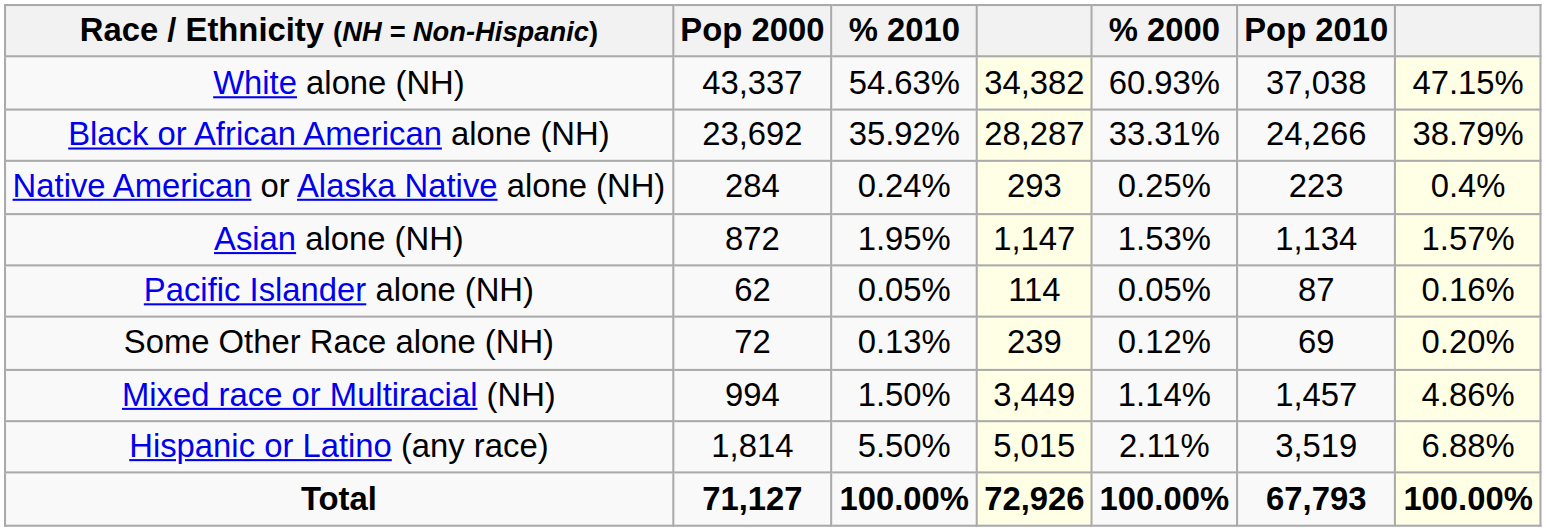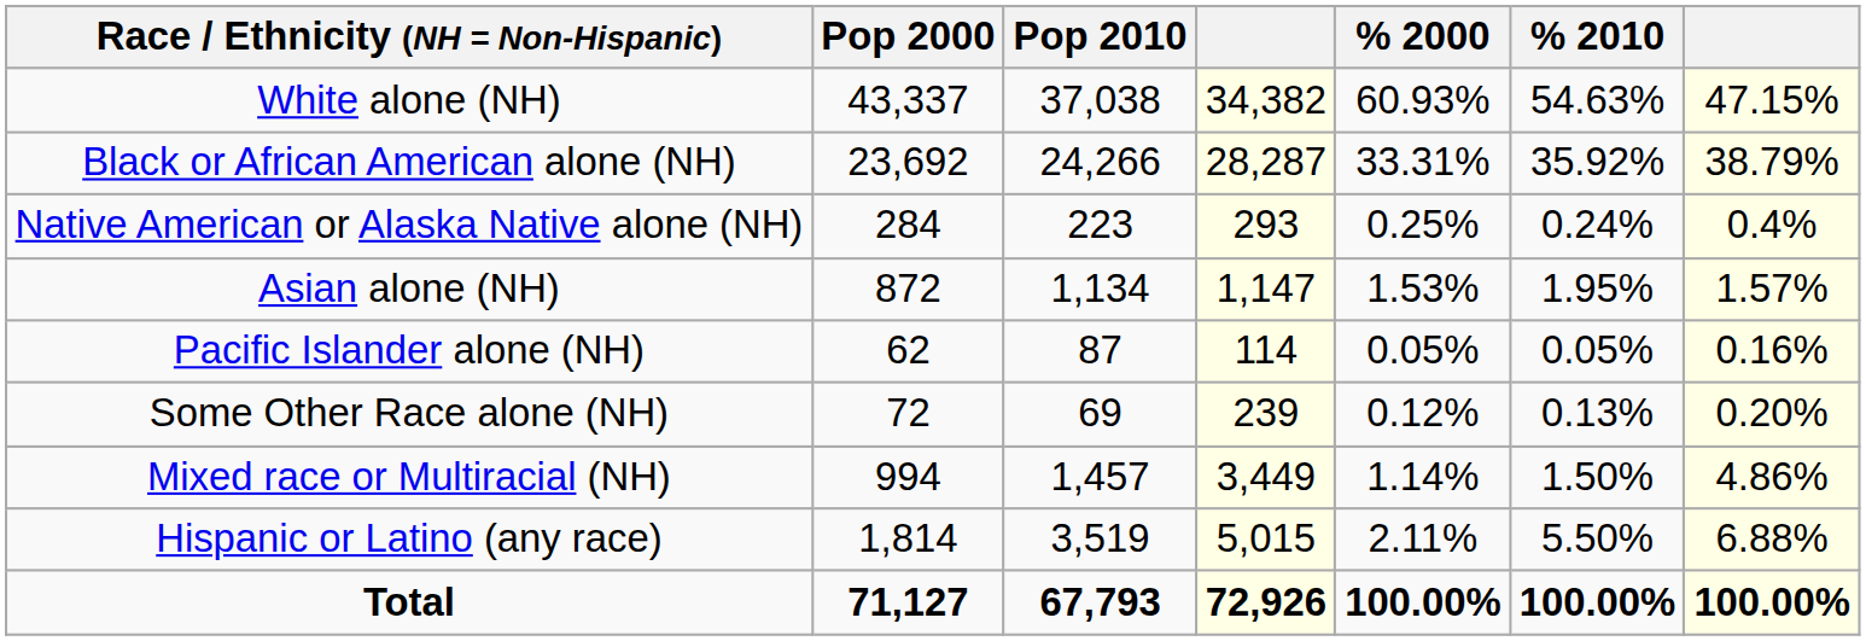 <table class="wikitable" style="text-align:center;">
 <tr>
 <th>Race / Ethnicity <small>(<em>NH = Non-Hispanic</em>)</small></th>
 <th>Pop 2000</th>
-<th>% 2010</th>
+<th>Pop 2010</th>
 <th></th>
 <th>% 2000</th>
-<th>Pop 2010</th>
+<th>% 2010</th>
 <th></th>
 </tr>
 <tr>
 <td><a href='#'>White</a> alone (NH)</td>
 <td>43,337</td>
-<td>54.63%</td>
+<td>37,038</td>
 <td style='background: #ffffe6;'>34,382</td>
 <td>60.93%</td>
-<td>37,038</td>
+<td>54.63%</td>
 <td style='background: #ffffe6;'>47.15%</td>
 </tr>
 <tr>
 <td><a href='#'>Black or African American</a> alone (NH)</td>
 <td>23,692</td>
-<td>35.92%</td>
+<td>24,266</td>
 <td style='background: #ffffe6;'>28,287</td>
 <td>33.31%</td>
-<td>24,266</td>
+<td>35.92%</td>
 <td style='background: #ffffe6;'>38.79%</td>
 </tr>
 <tr>
 <td><a href='#'>Native American</a> or <a href='#'>Alaska Native</a> alone (NH)</td>
 <td>284</td>
-<td>0.24%</td>
+<td>223</td>
 <td style='background: #ffffe6;'>293</td>
 <td>0.25%</td>
-<td>223</td>
+<td>0.24%</td>
 <td style='background: #ffffe6;'>0.4%</td>
 </tr>
 <tr>
 <td><a href='#'>Asian</a> alone (NH)</td>
 <td>872</td>
-<td>1.95%</td>
+<td>1,134</td>
 <td style='background: #ffffe6;'>1,147</td>
 <td>1.53%</td>
-<td>1,134</td>
+<td>1.95%</td>
 <td style='background: #ffffe6;'>1.57%</td>
 </tr>
 <tr>
 <td><a href='#'>Pacific Islander</a> alone (NH)</td>
 <td>62</td>
-<td>0.05%</td>
+<td>87</td>
 <td style='background: #ffffe6;'>114</td>
 <td>0.05%</td>
-<td>87</td>
+<td>0.05%</td>
 <td style='background: #ffffe6;'>0.16%</td>
 </tr>
 <tr>
 <td>Some Other Race alone (NH)</td>
 <td>72</td>
-<td>0.13%</td>
+<td>69</td>
 <td style='background: #ffffe6;'>239</td>
 <td>0.12%</td>
-<td>69</td>
+<td>0.13%</td>
 <td style='background: #ffffe6;'>0.20%</td>
 </tr>
 <tr>
 <td><a href='#'>Mixed race or Multiracial</a> (NH)</td>
 <td>994</td>
-<td>1.50%</td>
+<td>1,457</td>
 <td style='background: #ffffe6;'>3,449</td>
 <td>1.14%</td>
-<td>1,457</td>
+<td>1.50%</td>
 <td style='background: #ffffe6;'>4.86%</td>
 </tr>
 <tr>
 <td><a href='#'>Hispanic or Latino</a> (any race)</td>
 <td>1,814</td>
-<td>5.50%</td>
+<td>3,519</td>
 <td style='background: #ffffe6;'>5,015</td>
 <td>2.11%</td>
-<td>3,519</td>
+<td>5.50%</td>
 <td style='background: #ffffe6;'>6.88%</td>
 </tr>
 <tr>
 <td><strong>Total</strong></td>
 <td><strong>71,127</strong></td>
-<td><strong>100.00%</strong></td>
+<td><strong>67,793</strong></td>
 <td style='background: #ffffe6;'><strong>72,926</strong></td>
 <td><strong>100.00%</strong></td>
-<td><strong>67,793</strong></td>
+<td><strong>100.00%</strong></td>
 <td style='background: #ffffe6;'><strong>100.00%</strong></td>
 </tr>
 </table>
